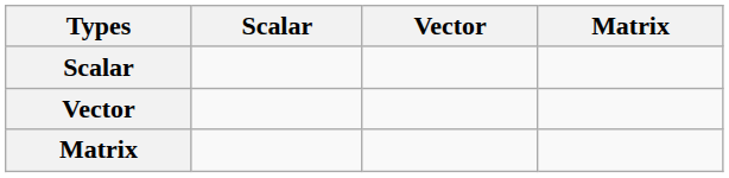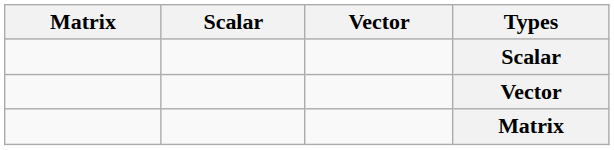 <table class="wikitable" style="text-align:center; width:35%;">
 <tr>
-<th scope="col">Types</th>
+<th scope="col">Matrix</th>
 <th scope="col">Scalar</th>
 <th scope="col">Vector</th>
-<th scope="col">Matrix</th>
+<th scope="col">Types</th>
 </tr>
 <tr>
-<th scope="row">Scalar</th>
 <td></td>
 <td></td>
 <td></td>
+<th scope="row">Scalar</th>
 </tr>
 <tr>
-<th scope="row">Vector</th>
 <td></td>
 <td></td>
 <td></td>
+<th scope="row">Vector</th>
 </tr>
 <tr>
-<th scope="row">Matrix</th>
 <td></td>
 <td></td>
 <td></td>
+<th scope="row">Matrix</th>
 </tr>
 </table>
